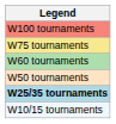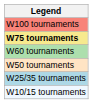 <table class=wikitable style="font-size:85%">
 <tr>
 <th>Legend</th>
 </tr>
 <tr style="background:#f88379;">
 <td>W100 tournaments</td>
 </tr>
 <tr style="background:#f7e98e;">
-<td>W75 tournaments</td>
+<td><strong>W75 tournaments</strong></td>
 </tr>
 <tr style="background:#addfad;">
 <td>W60 tournaments</td>
 </tr>
 <tr style="background:#ffe4c4;">
 <td>W50 tournaments</td>
 </tr>
 <tr style="background:lightblue;">
-<td><strong>W25/35 tournaments</strong></td>
+<td>W25/35 tournaments</td>
 </tr>
 <tr style="background:#f0f8ff;">
 <td>W10/15 tournaments</td>
 </tr>
 </table>
